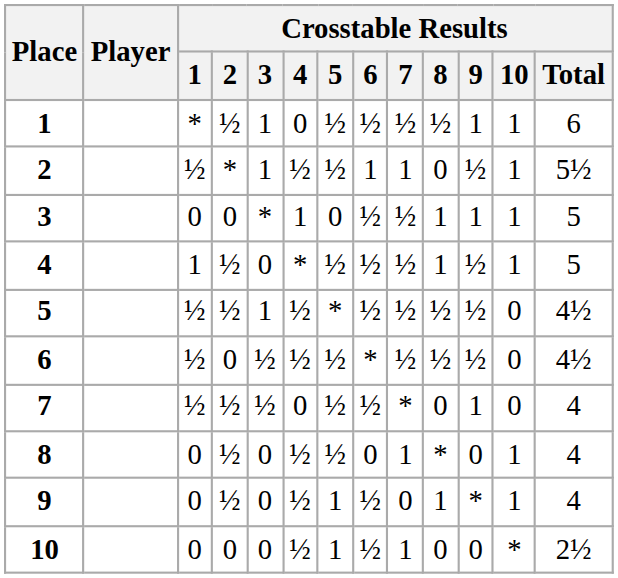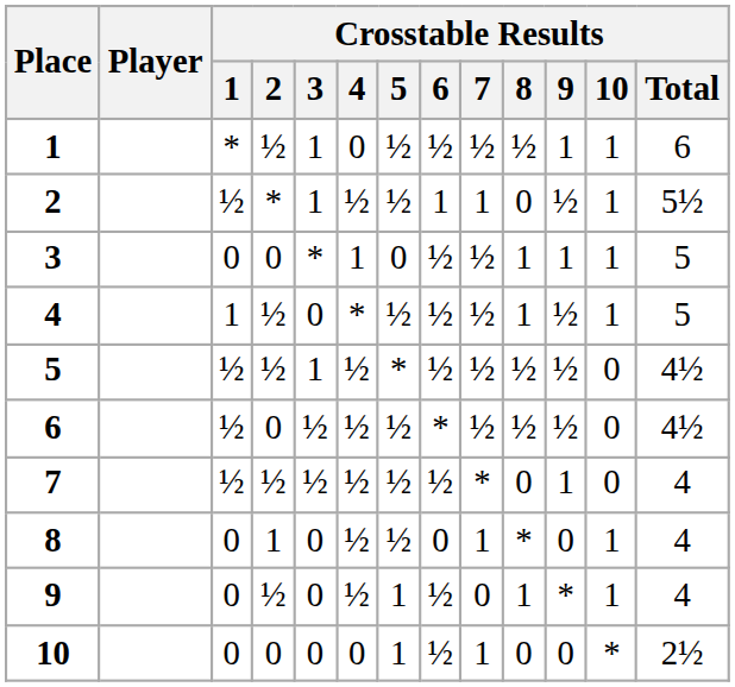 <table class="wikitable" style="font-size:85%;">
 <tr>
 <th rowspan="2">Place</th>
 <th rowspan="2">Player</th>
 <th colspan="11">Crosstable Results</th>
 </tr>
 <tr>
 <th>1</th>
 <th>2</th>
 <th>3</th>
 <th>4</th>
 <th>5</th>
 <th>6</th>
 <th>7</th>
 <th>8</th>
 <th>9</th>
 <th>10</th>
 <th>Total</th>
 </tr>
 <tr style="text-align:center; background:white; color:black;">
 <td><strong>1</strong></td>
 <td align="left"></td>
 <td>*</td>
 <td>½</td>
 <td>1</td>
 <td>0</td>
 <td>½</td>
 <td>½</td>
 <td>½</td>
 <td>½</td>
 <td>1</td>
 <td>1</td>
 <td>6</td>
 </tr>
 <tr style="text-align:center; background:white; color:black;">
 <td><strong>2</strong></td>
 <td align="left"></td>
 <td>½</td>
 <td>*</td>
 <td>1</td>
 <td>½</td>
 <td>½</td>
 <td>1</td>
 <td>1</td>
 <td>0</td>
 <td>½</td>
 <td>1</td>
 <td>5½</td>
 </tr>
 <tr style="text-align:center; background:white; color:black;">
 <td><strong>3</strong></td>
 <td align="left"></td>
 <td>0</td>
 <td>0</td>
 <td>*</td>
 <td>1</td>
 <td>0</td>
 <td>½</td>
 <td>½</td>
 <td>1</td>
 <td>1</td>
 <td>1</td>
 <td>5</td>
 </tr>
 <tr style="text-align:center; background:white; color:black;">
 <td><strong>4</strong></td>
 <td align="left"></td>
 <td>1</td>
 <td>½</td>
 <td>0</td>
 <td>*</td>
 <td>½</td>
 <td>½</td>
 <td>½</td>
 <td>1</td>
 <td>½</td>
 <td>1</td>
 <td>5</td>
 </tr>
 <tr style="text-align:center; background:white; color:black;">
 <td><strong>5</strong></td>
 <td align="left"></td>
 <td>½</td>
 <td>½</td>
 <td>1</td>
 <td>½</td>
 <td>*</td>
 <td>½</td>
 <td>½</td>
 <td>½</td>
 <td>½</td>
 <td>0</td>
 <td>4½</td>
 </tr>
 <tr style="text-align:center; background:white; color:black;">
 <td><strong>6</strong></td>
 <td align="left"></td>
 <td>½</td>
 <td>0</td>
 <td>½</td>
 <td>½</td>
 <td>½</td>
 <td>*</td>
 <td>½</td>
 <td>½</td>
 <td>½</td>
 <td>0</td>
 <td>4½</td>
 </tr>
 <tr style="text-align:center; background:white; color:black;">
 <td><strong>7</strong></td>
 <td align="left"></td>
 <td>½</td>
 <td>½</td>
 <td>½</td>
-<td>0</td>
+<td>½</td>
 <td>½</td>
 <td>½</td>
 <td>*</td>
 <td>0</td>
 <td>1</td>
 <td>0</td>
 <td>4</td>
 </tr>
 <tr style="text-align:center; background:white; color:black;">
 <td><strong>8</strong></td>
 <td align="left"></td>
 <td>0</td>
-<td>½</td>
+<td>1</td>
 <td>0</td>
 <td>½</td>
 <td>½</td>
 <td>0</td>
 <td>1</td>
 <td>*</td>
 <td>0</td>
 <td>1</td>
 <td>4</td>
 </tr>
 <tr style="text-align:center; background:white; color:black;">
 <td><strong>9</strong></td>
 <td align="left"></td>
 <td>0</td>
 <td>½</td>
 <td>0</td>
 <td>½</td>
 <td>1</td>
 <td>½</td>
 <td>0</td>
 <td>1</td>
 <td>*</td>
 <td>1</td>
 <td>4</td>
 </tr>
 <tr style="text-align:center; background:white; color:black;">
 <td><strong>10</strong></td>
 <td align="left"></td>
 <td>0</td>
 <td>0</td>
 <td>0</td>
-<td>½</td>
+<td>0</td>
 <td>1</td>
 <td>½</td>
 <td>1</td>
 <td>0</td>
 <td>0</td>
 <td>*</td>
 <td>2½</td>
 </tr>
 </table>
